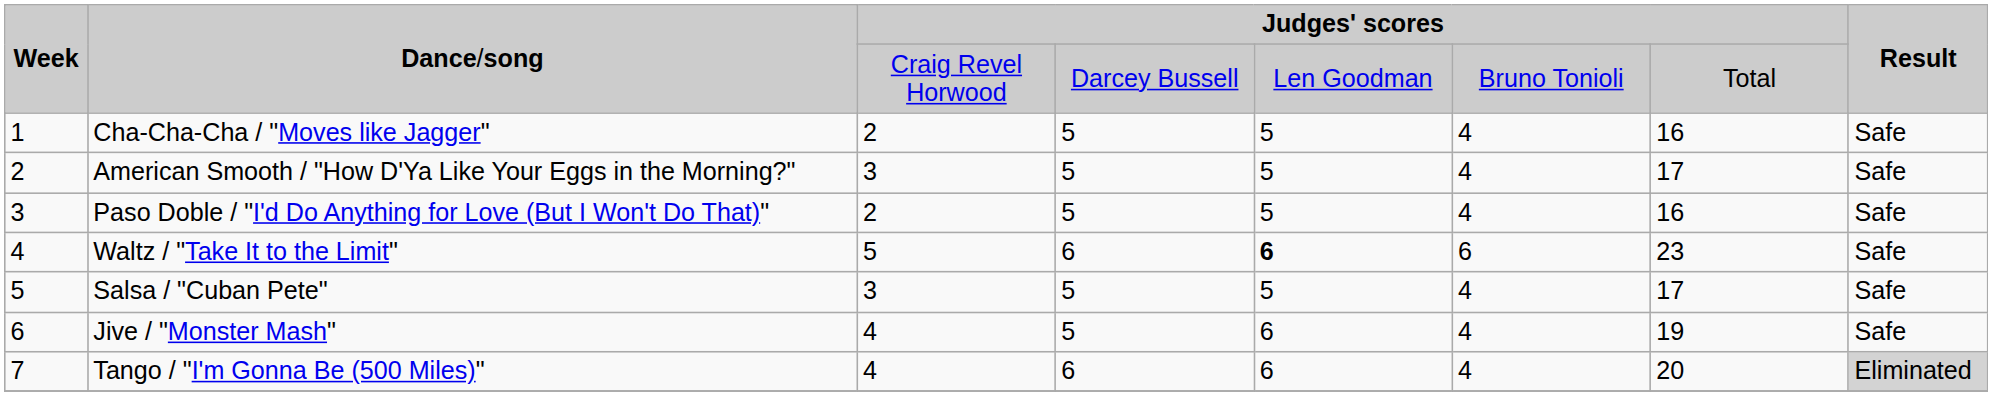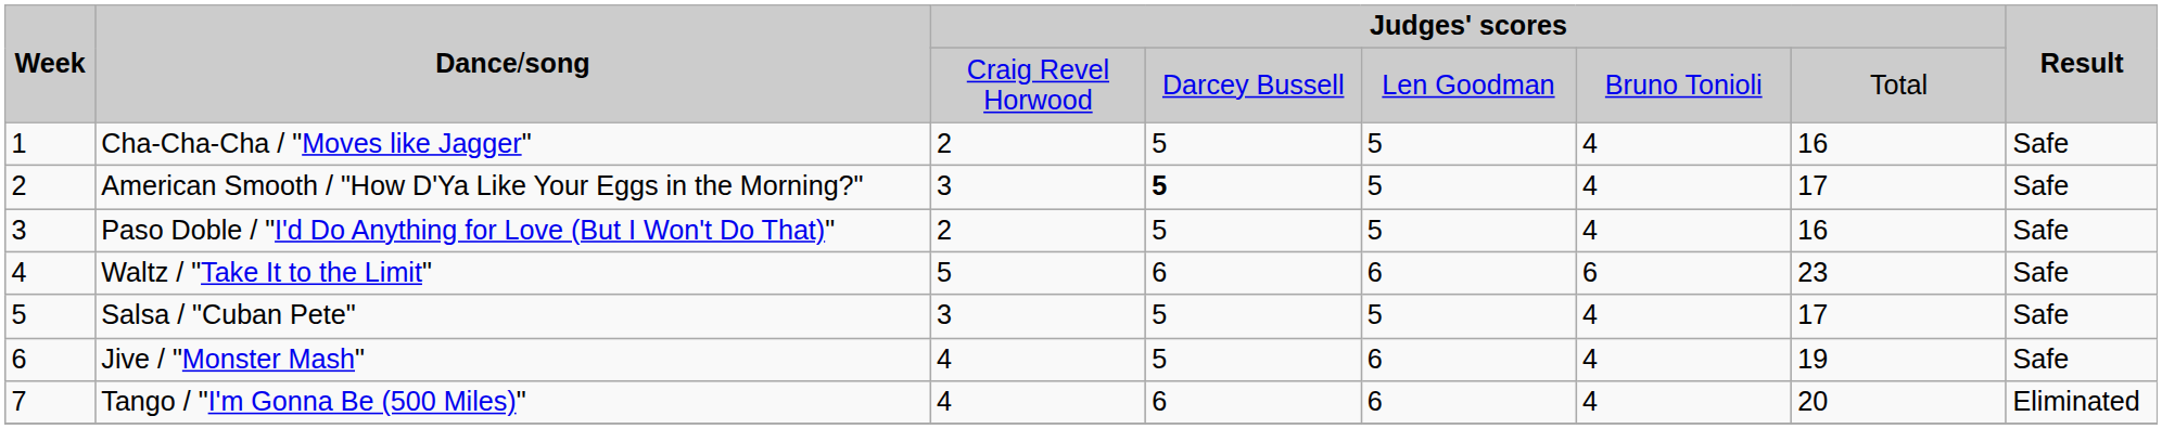 <table class="wikitable" style="margin:auto;">
 <tr style="text-align:Center; background:#ccc;">
 <td rowspan="2"><strong>Week</strong></td>
 <td rowspan="2"><strong>Dance</strong>/<strong>song</strong></td>
 <td colspan="5"><strong>Judges' scores</strong></td>
 <td rowspan="2"><strong>Result</strong></td>
 </tr>
 <tr style="text-align:center; background:#ccc;">
 <td style="width:10%; "><a href='#'>Craig Revel Horwood</a></td>
 <td style="width:10%; "><a href='#'>Darcey Bussell</a></td>
 <td style="width:10%; "><a href='#'>Len Goodman</a></td>
 <td style="width:10%; "><a href='#'>Bruno Tonioli</a></td>
 <td style="width:10%; ">Total</td>
 </tr>
 <tr>
 <td>1</td>
 <td>Cha-Cha-Cha / "<a href='#'>Moves like Jagger</a>"</td>
 <td>2</td>
 <td>5</td>
 <td>5</td>
 <td>4</td>
 <td>16</td>
 <td>Safe</td>
 </tr>
 <tr>
 <td>2</td>
 <td>American Smooth / "How D'Ya Like Your Eggs in the Morning?"</td>
 <td>3</td>
-<td>5</td>
+<td><strong>5</strong></td>
 <td>5</td>
 <td>4</td>
 <td>17</td>
 <td>Safe</td>
 </tr>
 <tr>
 <td>3</td>
 <td>Paso Doble / "<a href='#'>I'd Do Anything for Love (But I Won't Do That)</a>"</td>
 <td>2</td>
 <td>5</td>
 <td>5</td>
 <td>4</td>
 <td>16</td>
 <td>Safe</td>
 </tr>
 <tr>
 <td>4</td>
 <td>Waltz / "<a href='#'>Take It to the Limit</a>"</td>
 <td>5</td>
 <td>6</td>
-<td><strong>6</strong></td>
+<td>6</td>
 <td>6</td>
 <td>23</td>
 <td>Safe</td>
 </tr>
 <tr>
 <td>5</td>
 <td>Salsa / "Cuban Pete"</td>
 <td>3</td>
 <td>5</td>
 <td>5</td>
 <td>4</td>
 <td>17</td>
 <td>Safe</td>
 </tr>
 <tr>
 <td>6</td>
 <td>Jive / "<a href='#'>Monster Mash</a>"</td>
 <td>4</td>
 <td>5</td>
 <td>6</td>
 <td>4</td>
 <td>19</td>
 <td>Safe</td>
 </tr>
 <tr>
 <td>7</td>
 <td>Tango / "<a href='#'>I'm Gonna Be (500 Miles)</a>"</td>
 <td>4</td>
 <td>6</td>
 <td>6</td>
 <td>4</td>
 <td>20</td>
-<td style="background: lightgrey;">Eliminated</td>
+<td>Eliminated</td>
 </tr>
 <tr>
 </tr>
 </table>
